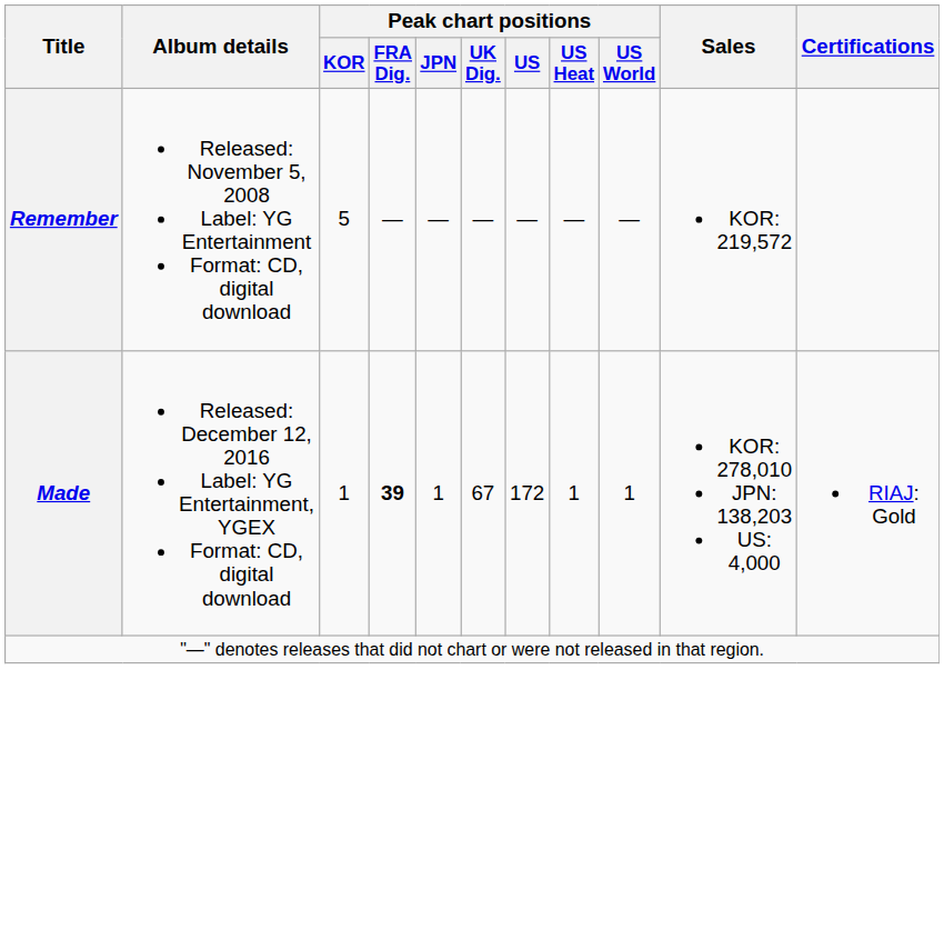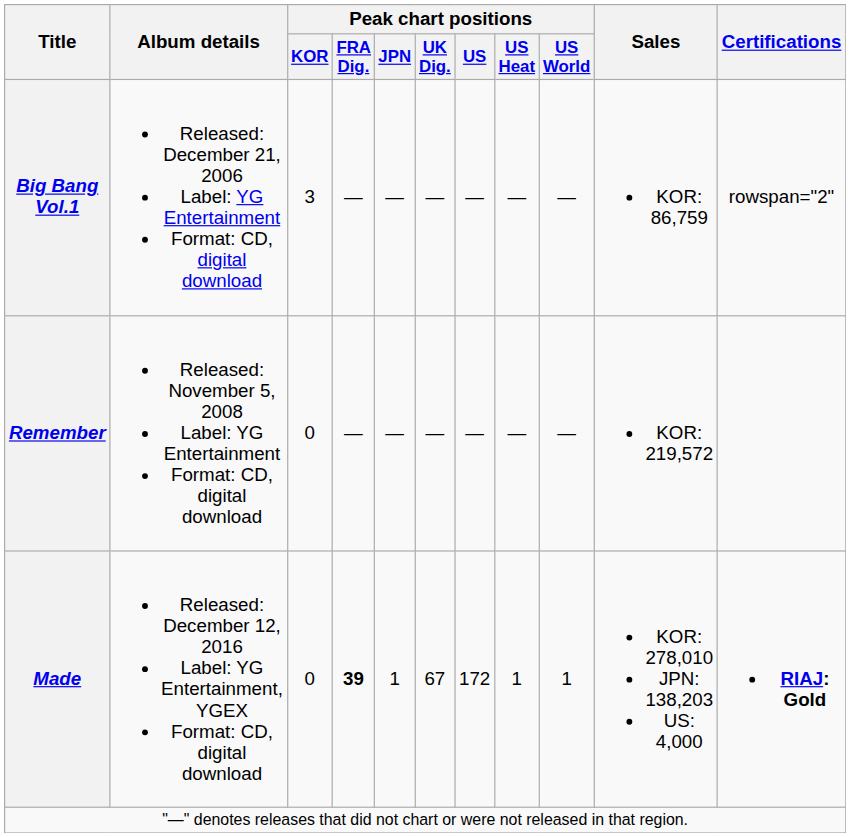 <table class="wikitable plainrowheaders" style="text-align:center;">
 <tr>
 <th scope="col" rowspan="2">Title</th>
 <th scope="col" rowspan="2" style="width:17em;">Album details</th>
 <th scope="col" colspan="7">Peak chart positions</th>
 <th scope="col" rowspan="2" style="width:10.5em;">Sales</th>
 <th scope="col" rowspan="2"><a href='#'>Certifications</a></th>
 </tr>
 <tr>
 <th scope="col" style="width:2.8em;font-size:90%;"><a href='#'>KOR</a><br></th>
 <th scope="col" style="width:2.8em;font-size:90%;"><a href='#'>FRA Dig.</a><br></th>
 <th scope="col" style="width:2.8em;font-size:90%;"><a href='#'>JPN</a><br></th>
 <th scope="col" style="width:2.8em;font-size:90%;"><a href='#'>UK<br>Dig.</a><br></th>
 <th scope="col" style="width:2.8em;font-size:90%;"><a href='#'>US</a><br></th>
 <th scope="col" style="width:2.8em;font-size:90%;"><a href='#'>US<br>Heat</a><br></th>
 <th scope="col" style="width:2.8em;font-size:90%;"><a href='#'>US<br>World</a><br></th>
 </tr>
 <tr>
+<th scope="row"><em><a href='#'>Big Bang Vol.1</a></em></th>
+<td><br><ul><li>Released: December 21, 2006</li><li>Label: <a href='#'>YG Entertainment</a></li><li>Format: CD, <a href='#'>digital download</a></li></ul></td>
+<td>3</td>
+<td>—</td>
+<td>—</td>
+<td>—</td>
+<td>—</td>
+<td>—</td>
+<td>—</td>
+<td><br><ul><li>KOR: 86,759</li></ul></td>
+<td>rowspan="2" </td>
+</tr>
+<tr>
 <th scope="row"><em><a href='#'>Remember</a></em></th>
 <td><br><ul><li>Released: November 5, 2008</li><li>Label: YG Entertainment</li><li>Format: CD, digital download</li></ul></td>
-<td>5</td>
+<td>0</td>
 <td>—</td>
 <td>—</td>
 <td>—</td>
 <td>—</td>
 <td>—</td>
 <td>—</td>
 <td><br><ul><li>KOR: 219,572</li></ul></td>
 </tr>
 <tr>
 <th scope="row"><em><a href='#'>Made</a></em></th>
 <td><br><ul><li>Released: December 12, 2016</li><li>Label: YG Entertainment, YGEX</li><li>Format: CD, digital download</li></ul></td>
-<td>1</td>
+<td>0</td>
 <td><strong>39</strong></td>
 <td>1</td>
 <td>67</td>
 <td>172</td>
 <td>1</td>
 <td>1</td>
 <td><br><ul><li>KOR: 278,010</li><li>JPN: 138,203</li><li>US: 4,000</li></ul></td>
-<td><br><ul><li><a href='#'>RIAJ</a>: Gold</li></ul></td>
+<td><strong><br><ul><li><a href='#'>RIAJ</a>: Gold</li></ul></strong></td>
 </tr>
 <tr>
 <td colspan="11" style="font-size:85%">"—" denotes releases that did not chart or were not released in that region.</td>
 </tr>
 </table>
